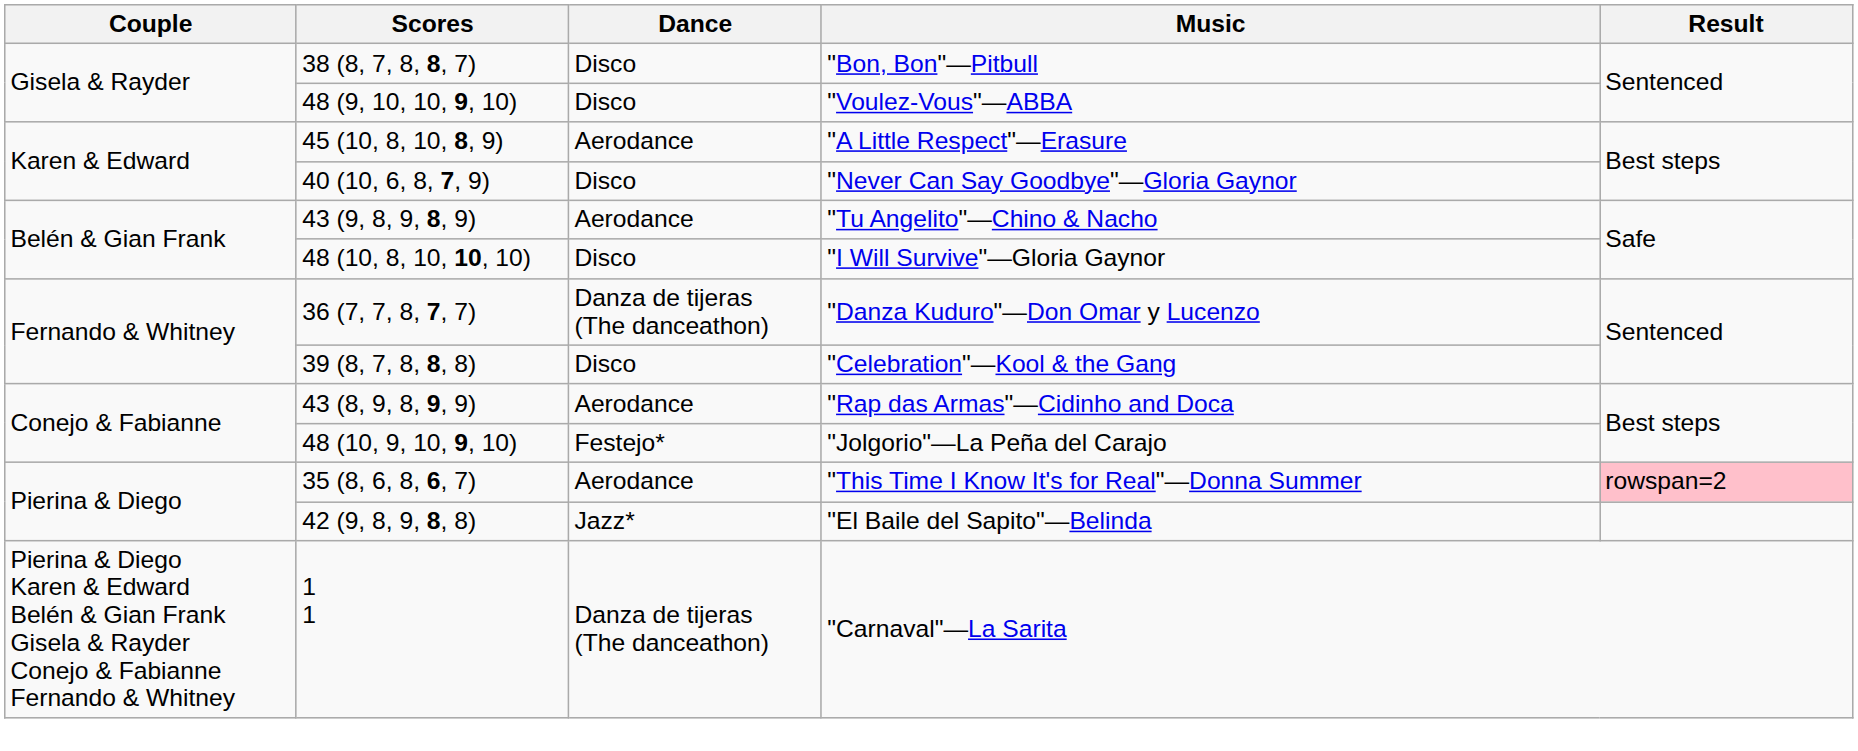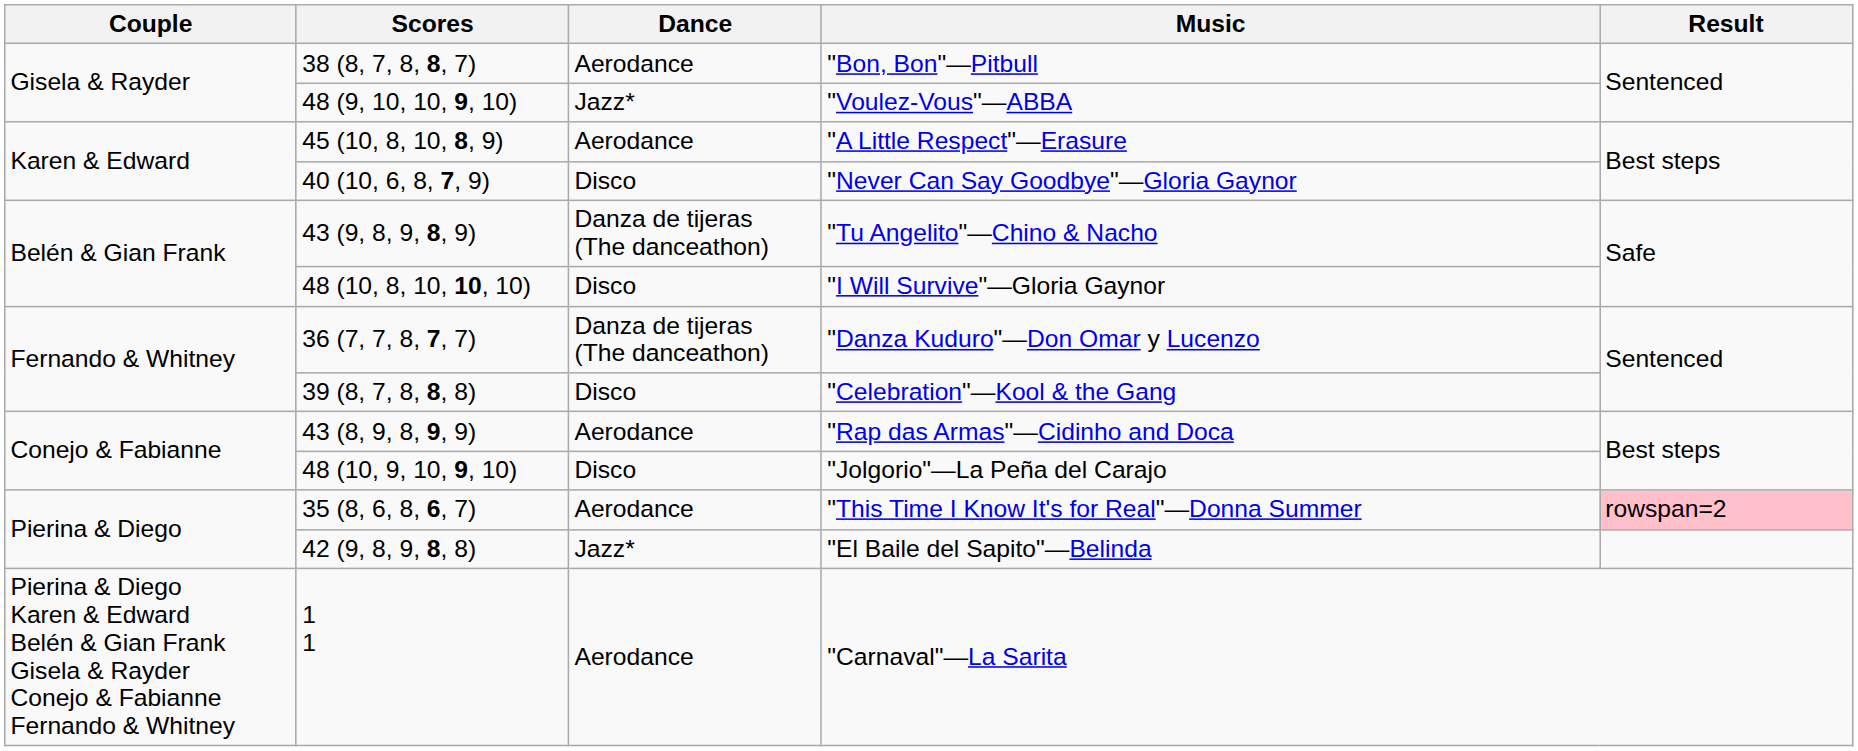 <table class="wikitable sortable" style="width:95%; white-space:nowrap;">
 <tr>
 <th style="width:15%;">Couple</th>
 <th style="width:14%;">Scores</th>
 <th style="width:13%;">Dance</th>
 <th style="width:40%;">Music</th>
 <th style="width:13%;">Result</th>
 </tr>
 <tr>
 <td rowspan=2>Gisela & Rayder</td>
 <td>38 (8, 7, 8, <strong>8</strong>, 7)</td>
-<td>Disco</td>
+<td>Aerodance</td>
 <td>"<a href='#'>Bon, Bon</a>"—<a href='#'>Pitbull</a></td>
 <td rowspan=2>Sentenced</td>
 </tr>
 <tr>
 <td>48 (9, 10, 10, <strong>9</strong>, 10)</td>
-<td>Disco</td>
+<td>Jazz*</td>
 <td>"<a href='#'>Voulez-Vous</a>"—<a href='#'>ABBA</a></td>
 </tr>
 <tr>
 <td rowspan=2>Karen & Edward</td>
 <td>45 (10, 8, 10, <strong>8</strong>, 9)</td>
 <td>Aerodance</td>
 <td>"<a href='#'>A Little Respect</a>"—<a href='#'>Erasure</a></td>
 <td rowspan=2>Best steps</td>
 </tr>
 <tr>
 <td>40 (10, 6, 8, <strong>7</strong>, 9)</td>
 <td>Disco</td>
 <td>"<a href='#'>Never Can Say Goodbye</a>"—<a href='#'>Gloria Gaynor</a></td>
 </tr>
 <tr>
 <td rowspan=2>Belén & Gian Frank</td>
 <td>43 (9, 8, 9, <strong>8</strong>, 9)</td>
-<td>Aerodance</td>
+<td>Danza de tijeras<br>(The danceathon)</td>
 <td>"<a href='#'>Tu Angelito</a>"—<a href='#'>Chino & Nacho</a></td>
 <td rowspan=2>Safe</td>
 </tr>
 <tr>
 <td>48 (10, 8, 10, <strong>10</strong>, 10)</td>
 <td>Disco</td>
 <td>"<a href='#'>I Will Survive</a>"—Gloria Gaynor</td>
 </tr>
 <tr>
 <td rowspan=2>Fernando & Whitney</td>
 <td>36 (7, 7, 8, <strong>7</strong>, 7)</td>
 <td>Danza de tijeras<br>(The danceathon)</td>
 <td>"<a href='#'>Danza Kuduro</a>"—<a href='#'>Don Omar</a> y <a href='#'>Lucenzo</a></td>
 <td rowspan=2>Sentenced</td>
 </tr>
 <tr>
 <td>39 (8, 7, 8, <strong>8</strong>, 8)</td>
 <td>Disco</td>
 <td>"<a href='#'>Celebration</a>"—<a href='#'>Kool & the Gang</a></td>
 </tr>
 <tr>
 <td rowspan=2>Conejo & Fabianne</td>
 <td>43 (8, 9, 8, <strong>9</strong>, 9)</td>
 <td>Aerodance</td>
 <td>"<a href='#'>Rap das Armas</a>"—<a href='#'>Cidinho and Doca</a></td>
 <td rowspan=2>Best steps</td>
 </tr>
 <tr>
 <td>48 (10, 9, 10, <strong>9</strong>, 10)</td>
-<td>Festejo*</td>
+<td>Disco</td>
 <td>"Jolgorio"—La Peña del Carajo</td>
 </tr>
 <tr>
 <td rowspan=2>Pierina & Diego</td>
 <td>35 (8, 6, 8, <strong>6</strong>, 7)</td>
 <td>Aerodance</td>
 <td>"<a href='#'>This Time I Know It's for Real</a>"—<a href='#'>Donna Summer</a></td>
 <td style="background: pink;">rowspan=2 </td>
 </tr>
 <tr>
 <td>42 (9, 8, 9, <strong>8</strong>, 8)</td>
 <td>Jazz*</td>
 <td>"El Baile del Sapito"—<a href='#'>Belinda</a></td>
 </tr>
 <tr>
 <td>Pierina & Diego<br>Karen & Edward<br>Belén & Gian Frank<br>Gisela & Rayder<br>Conejo & Fabianne<br>Fernando & Whitney</td>
 <td valign="top"><br>1<br>1</td>
-<td>Danza de tijeras<br>(The danceathon)</td>
+<td>Aerodance</td>
 <td colspan=2>"Carnaval"—<a href='#'>La Sarita</a></td>
 </tr>
 </table>
